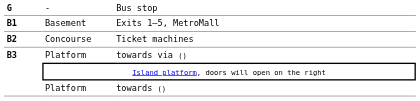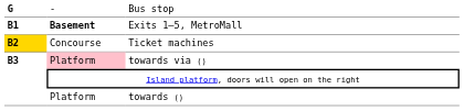 <table table border=0 cellspacing=0 cellpadding=4>
 <tr>
 <td style = "border-bottom:solid 1px gray;" rowspan=1 valign=top><strong>G</strong></td>
 <td style = "border-bottom:solid 1px gray;" valign=top>-</td>
 <td style = "border-bottom:solid 1px gray;" valign=top>Bus stop</td>
 </tr>
 <tr>
 <td style = "border-bottom:solid 1px gray;" rowspan=1 valign=top><strong>B1</strong></td>
-<td style = "border-bottom:solid 1px gray;" valign=top>Basement</td>
+<td style = "border-bottom:solid 1px gray;" valign=top><strong>Basement</strong></td>
 <td style = "border-bottom:solid 1px gray;" valign=top>Exits 1–5, MetroMall</td>
 </tr>
 <tr>
-<td style = "border-bottom:solid 1px gray;" rowspan=1 valign=top><strong>B2</strong></td>
+<td style = "background: gold; border-bottom:solid 1px gray;" rowspan=1 valign=top><strong>B2</strong></td>
 <td style = "border-bottom:solid 1px gray;" valign=top>Concourse</td>
 <td style = "border-bottom:solid 1px gray;" valign=top>Ticket machines</td>
 </tr>
 <tr>
 <td style="border-bottom:solid 1px gray;" rowspan=3 valign=top width=50><strong>B3</strong></td>
-<td width=100>Platform </td>
+<td width=100 style="background: pink;">Platform </td>
 <td width=450> towards  via  <small>()</small></td>
 </tr>
 <tr>
 <td style = "border-top:solid 2px black;border-right:solid 2px black;border-left:solid 2px black;border-bottom:solid 2px black; text-align:center;" colspan=2><small><a href='#'>Island platform</a>, doors will open on the right</small></td>
 </tr>
 <tr>
 <td style="border-bottom:solid 1px gray;" width=100>Platform </td>
 <td style="border-bottom:solid 1px gray;" width=450> towards  <small>()</small></td>
 </tr>
 </table>
